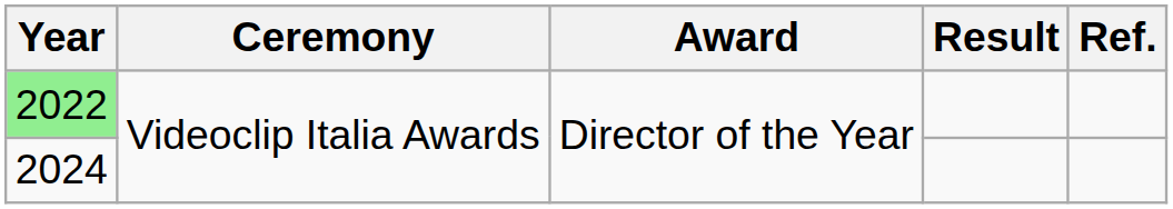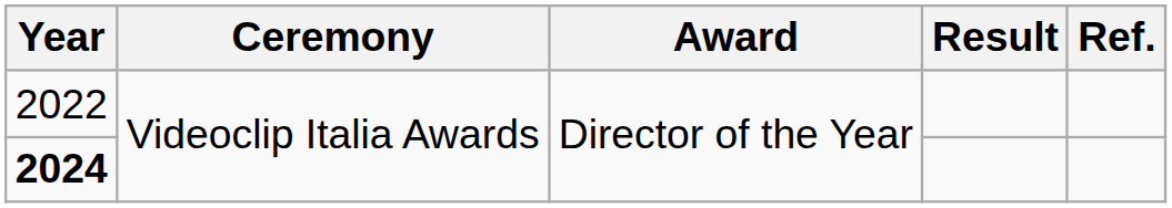 <table class="wikitable plainrowheaders">
 <tr>
 <th scope="col">Year</th>
 <th scope="col">Ceremony</th>
 <th scope="col">Award</th>
 <th scope="col">Result</th>
 <th scope="col">Ref.</th>
 </tr>
 <tr>
-<td style="background: lightgreen;">2022</td>
+<td>2022</td>
 <td rowspan="2">Videoclip Italia Awards</td>
 <td rowspan="2">Director of the Year</td>
 <td></td>
 <td></td>
 </tr>
 <tr>
-<td>2024</td>
+<td><strong>2024</strong></td>
 <td></td>
 <td></td>
 </tr>
 </table>
